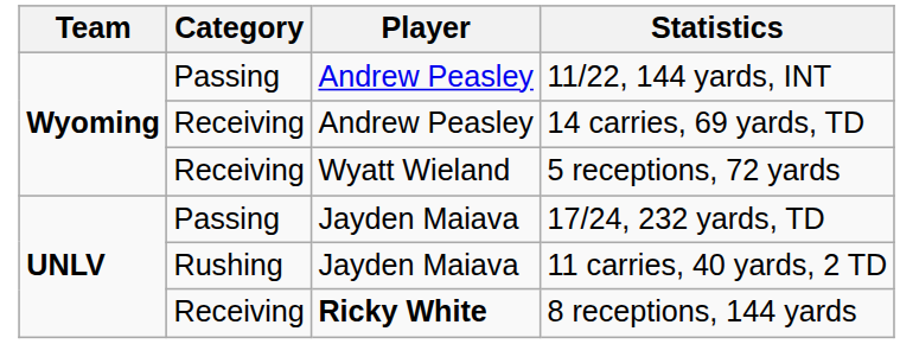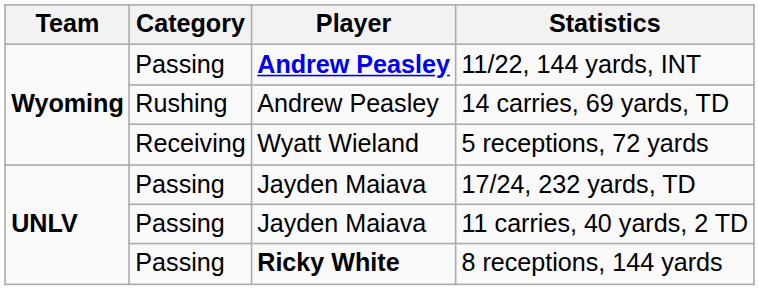 <table class="wikitable" style="float: right;">
 <tr>
 <th>Team</th>
 <th>Category</th>
 <th>Player</th>
 <th>Statistics</th>
 </tr>
 <tr>
 <td rowspan=3><strong>Wyoming</strong></td>
 <td>Passing</td>
-<td><a href='#'>Andrew Peasley</a></td>
+<td><strong><a href='#'>Andrew Peasley</a></strong></td>
 <td>11/22, 144 yards, INT</td>
 </tr>
 <tr>
-<td>Receiving</td>
+<td>Rushing</td>
 <td>Andrew Peasley</td>
 <td>14 carries, 69 yards, TD</td>
 </tr>
 <tr>
 <td>Receiving</td>
 <td>Wyatt Wieland</td>
 <td>5 receptions, 72 yards</td>
 </tr>
 <tr>
 <td rowspan=3><strong>UNLV</strong></td>
 <td>Passing</td>
 <td>Jayden Maiava</td>
 <td>17/24, 232 yards, TD</td>
 </tr>
 <tr>
-<td>Rushing</td>
+<td>Passing</td>
 <td>Jayden Maiava</td>
 <td>11 carries, 40 yards, 2 TD</td>
 </tr>
 <tr>
-<td>Receiving</td>
+<td>Passing</td>
 <td><strong>Ricky White</strong></td>
 <td>8 receptions, 144 yards</td>
 </tr>
 </table>
